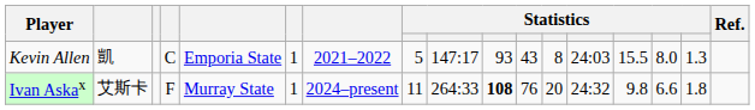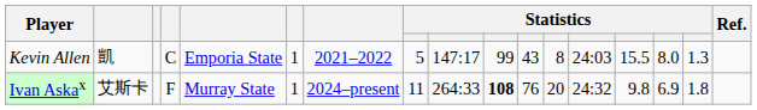 <table class="wikitable sortable" style="font-size:95%; text-align:right;">
 <tr>
 <th rowspan="2">Player</th>
 <th rowspan="2"></th>
 <th rowspan="2"></th>
 <th rowspan="2"></th>
 <th rowspan="2"></th>
 <th rowspan="2"></th>
 <th rowspan="2"></th>
 <th colspan="9">Statistics</th>
 <th rowspan="2">Ref.</th>
 </tr>
 <tr>
 <th></th>
 <th></th>
 <th></th>
 <th></th>
 <th></th>
 <th></th>
 <th></th>
 <th></th>
 <th></th>
 </tr>
 <tr>
 <td align="left"><em>Kevin Allen</em></td>
 <td align="left">凱</td>
 <td align="center"></td>
 <td align="center">C</td>
 <td align="left"><a href='#'>Emporia State</a></td>
 <td align="center">1</td>
 <td align="center"><a href='#'>2021–2022</a></td>
 <td>5</td>
 <td>147:17</td>
-<td>93</td>
+<td>99</td>
 <td>43</td>
 <td>8</td>
 <td>24:03</td>
 <td>15.5</td>
 <td>8.0</td>
 <td>1.3</td>
 <td align="center"></td>
 </tr>
 <tr>
 <td align="left" bgcolor="#CCFFCC"><a href='#'>Ivan Aska</a><sup>x</sup></td>
 <td align="left">艾斯卡</td>
 <td align="center"></td>
 <td align="center">F</td>
 <td align="left"><a href='#'>Murray State</a></td>
 <td align="center">1</td>
 <td align="center"><a href='#'>2024–present</a></td>
 <td>11</td>
 <td>264:33</td>
 <td><strong>108</strong></td>
 <td>76</td>
 <td>20</td>
 <td>24:32</td>
 <td>9.8</td>
-<td>6.6</td>
+<td>6.9</td>
 <td>1.8</td>
 <td align="center"></td>
 </tr>
 </table>
